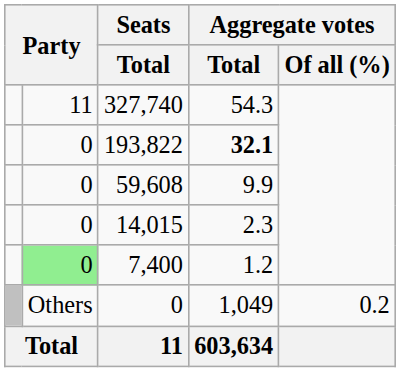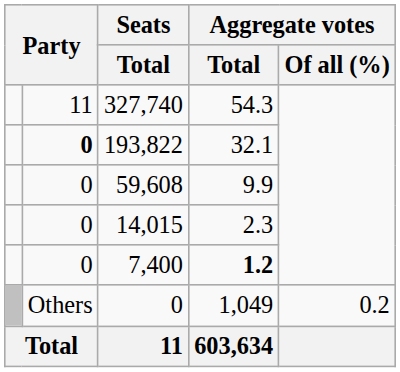 <table class="wikitable" style="text-align:right; font-size:95%;">
 <tr>
 <th colspan="2" rowspan="2">Party</th>
 <th>Seats</th>
 <th colspan="2">Aggregate votes</th>
 </tr>
 <tr>
 <th>Total</th>
 <th>Total</th>
 <th>Of all (%)</th>
 </tr>
 <tr>
 <td></td>
 <td>11</td>
 <td>327,740</td>
 <td>54.3</td>
 </tr>
 <tr>
 <td></td>
-<td>0</td>
+<td><strong>0</strong></td>
 <td>193,822</td>
-<td><strong>32.1</strong></td>
+<td>32.1</td>
 </tr>
 <tr>
 <td></td>
 <td>0</td>
 <td>59,608</td>
 <td>9.9</td>
 </tr>
 <tr>
 <td></td>
 <td>0</td>
 <td>14,015</td>
 <td>2.3</td>
 </tr>
 <tr>
 <td></td>
-<td style="background: lightgreen;">0</td>
+<td>0</td>
 <td>7,400</td>
-<td>1.2</td>
+<td><strong>1.2</strong></td>
 </tr>
 <tr>
 <td style="background:silver;"> </td>
 <td align=left>Others</td>
 <td>0</td>
 <td>1,049</td>
 <td>0.2</td>
 </tr>
 <tr>
 <th colspan="2" style="background:#f2f2f2"><strong>Total</strong></th>
 <td style="background:#f2f2f2;"><strong>11</strong></td>
 <td style="background:#f2f2f2;"><strong>603,634</strong></td>
 <td style="background:#f2f2f2;"></td>
 </tr>
 </table>
